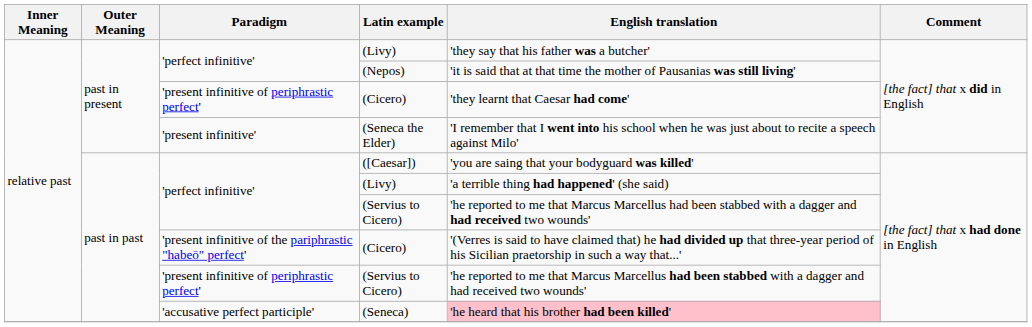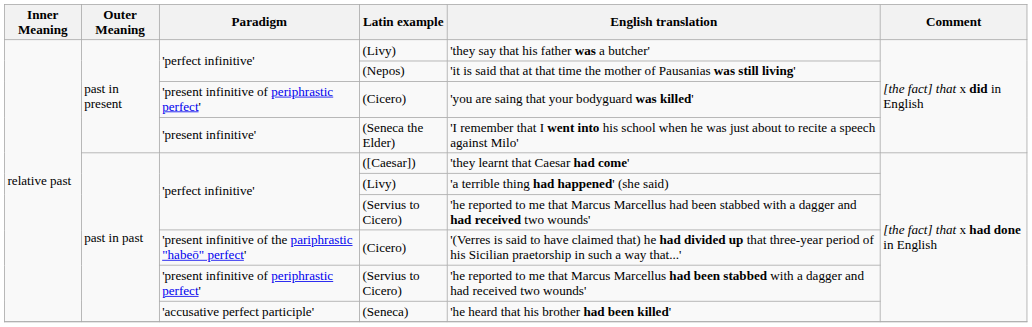 <table class="wikitable">
 <tr>
 <th>Inner Meaning</th>
 <th>Outer Meaning</th>
 <th>Paradigm</th>
 <th>Latin example</th>
 <th>English translation</th>
 <th>Comment</th>
 </tr>
 <tr>
 <td rowspan=10>relative past</td>
 <td rowspan=4>past in present</td>
 <td rowspan=2>'perfect infinitive'</td>
 <td> (Livy)</td>
 <td>'they say that his father <strong>was</strong> a butcher'</td>
 <td rowspan=4><em>[the fact] that</em> x <strong>did</strong> in English</td>
 </tr>
 <tr>
 <td> (Nepos)</td>
 <td>'it is said that at that time the mother of Pausanias <strong>was still living</strong>'</td>
 </tr>
 <tr>
 <td rowspan=1>'present infinitive of <a href='#'>periphrastic perfect</a>'</td>
 <td> (Cicero)</td>
-<td>'they learnt that Caesar <strong>had come</strong>'</td>
+<td>'you are saing that your bodyguard <strong>was killed</strong>'</td>
 </tr>
 <tr>
 <td rowspan=1>'present infinitive'</td>
 <td> (Seneca the Elder)</td>
 <td>'I remember that I <strong>went into</strong> his school when he was just about to recite a speech against Milo'</td>
 </tr>
 <tr>
 <td rowspan=6>past in past</td>
 <td rowspan=3>'perfect infinitive'</td>
 <td> ([Caesar])</td>
-<td>'you are saing that your bodyguard <strong>was killed</strong>'</td>
+<td>'they learnt that Caesar <strong>had come</strong>'</td>
 <td rowspan=6><em>[the fact] that</em> x <strong>had done</strong> in English</td>
 </tr>
 <tr>
 <td> (Livy)</td>
 <td>'a terrible thing <strong>had happened</strong>' (she said)</td>
 </tr>
 <tr>
 <td> (Servius to Cicero)</td>
 <td>'he reported to me that Marcus Marcellus had been stabbed with a dagger and <strong>had received</strong> two wounds'</td>
 </tr>
 <tr>
 <td rowspan=1>'present infinitive of the <a href='#'>pariphrastic "habeō" perfect</a>'</td>
 <td> (Cicero)</td>
 <td>'(Verres is said to have claimed that) he <strong>had divided up</strong> that three-year period of his Sicilian praetorship in such a way that...'</td>
 </tr>
 <tr>
 <td rowspan=1>'present infinitive of <a href='#'>periphrastic perfect</a>'</td>
 <td> (Servius to Cicero)</td>
 <td>'he reported to me that Marcus Marcellus <strong>had been stabbed</strong> with a dagger and had received two wounds'</td>
 </tr>
 <tr>
 <td rowspan=1>'accusative perfect participle'</td>
 <td> (Seneca)</td>
-<td style="background: pink;">'he heard that his brother <strong>had been killed</strong>'</td>
+<td>'he heard that his brother <strong>had been killed</strong>'</td>
 </tr>
 <tr>
 </tr>
 </table>
